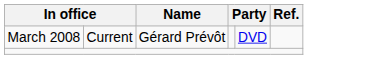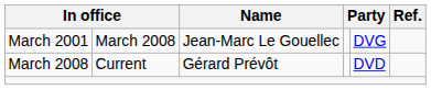 <table class="wikitable">
 <tr>
 <th colspan="2">In office</th>
 <th>Name</th>
 <th colspan="2">Party</th>
 <th>Ref.</th>
+</tr>
+<tr>
+<td>March 2001</td>
+<td>March 2008</td>
+<td>Jean-Marc Le Gouellec</td>
+<td style="background:"></td>
+<td><a href='#'>DVG</a></td>
+<td></td>
 </tr>
 <tr>
 <td>March 2008</td>
 <td>Current</td>
 <td>Gérard Prévôt</td>
 <td style="background:"></td>
 <td><a href='#'>DVD</a></td>
 <td></td>
 </tr>
 <tr>
 <td colspan="6"></td>
 </tr>
 </table>
